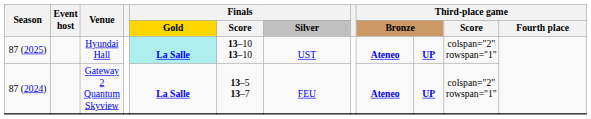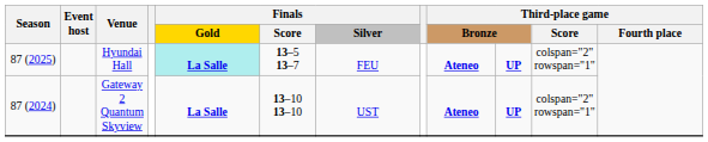 <table class="wikitable" style="text-align:center; font-size:90%;" cellpadding="3" cellspacing="0">
 <tr>
 <th width=8% rowspan=2>Season</th>
 <th rowspan=2>Event host</th>
 <th rowspan=2>Venue</th>
 <th width=1% rowspan=2></th>
 <th colspan=3>Finals</th>
 <th width=1% rowspan=2></th>
 <th colspan=4>Third-place game</th>
 </tr>
 <tr>
 <th width=15%; style="background:gold;">Gold</th>
 <th width=8%>Score</th>
 <th width=15%; style="background:silver;">Silver</th>
 <th width=15%; style="background:#cc9966;" colspan=2>Bronze</th>
 <th width=8%>Score</th>
 <th width=15%>Fourth place</th>
 </tr>
 <tr>
 <td>87 (<a href='#'>2025</a>)</td>
 <td><br></td>
 <td><a href='#'>Hyundai Hall</a></td>
 <td style="background-color:white;" rowspan="2"></td>
 <td style="background: paleturquoise;"><br><strong><a href='#'>La Salle</a></strong></td>
-<td><strong>13</strong>–10<br><strong>13</strong>–10</td>
-<td><br><a href='#'>UST</a></td>
+<td><strong>13</strong>–5<br><strong>13</strong>–7</td>
+<td><br><a href='#'>FEU</a></td>
 <td style="background-color:white;" rowspan="2"></td>
 <td><br><strong><a href='#'>Ateneo</a></strong></td>
 <td><br><strong><a href='#'>UP</a></strong></td>
 <td>colspan="2" rowspan="1" </td>
 </tr>
 <tr>
 <td>87 (<a href='#'>2024</a>)</td>
 <td><br></td>
 <td><a href='#'>Gateway 2 Quantum Skyview</a></td>
 <td><br><strong><a href='#'>La Salle</a></strong></td>
-<td><strong>13</strong>–5<br><strong>13</strong>–7</td>
-<td><br><a href='#'>FEU</a></td>
+<td><strong>13</strong>–10<br><strong>13</strong>–10</td>
+<td><br><a href='#'>UST</a></td>
 <td><br><strong><a href='#'>Ateneo</a></strong></td>
 <td><br><strong><a href='#'>UP</a></strong></td>
 <td>colspan="2" rowspan="1" </td>
 </tr>
 <tr style="border-top:2px solid black;">
 </tr>
 </table>
